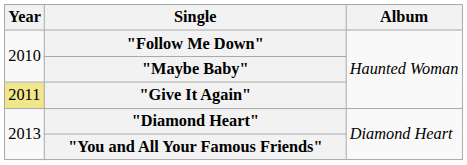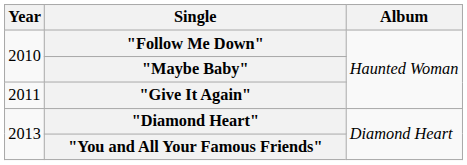 <table class="wikitable plainrowheaders">
 <tr>
 <th>Year</th>
 <th style="width:18em;">Single</th>
 <th>Album</th>
 </tr>
 <tr>
 <td rowspan="2">2010</td>
 <th scope="row">"Follow Me Down"</th>
 <td rowspan="3"><em>Haunted Woman</em></td>
 </tr>
 <tr>
 <th scope="row">"Maybe Baby"</th>
 </tr>
 <tr>
-<td style="background: khaki;">2011</td>
+<td>2011</td>
 <th scope="row">"Give It Again"</th>
 </tr>
 <tr>
 <td rowspan="2">2013</td>
 <th scope="row">"Diamond Heart"</th>
 <td rowspan="2"><em>Diamond Heart</em></td>
 </tr>
 <tr>
 <th scope="row">"You and All Your Famous Friends"</th>
 </tr>
 </table>
